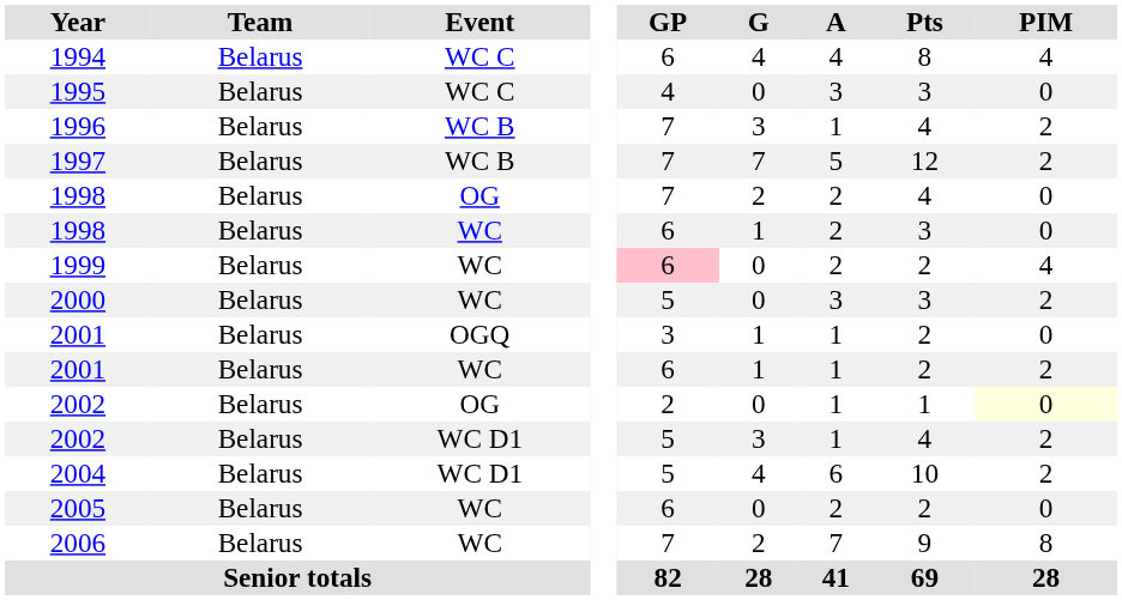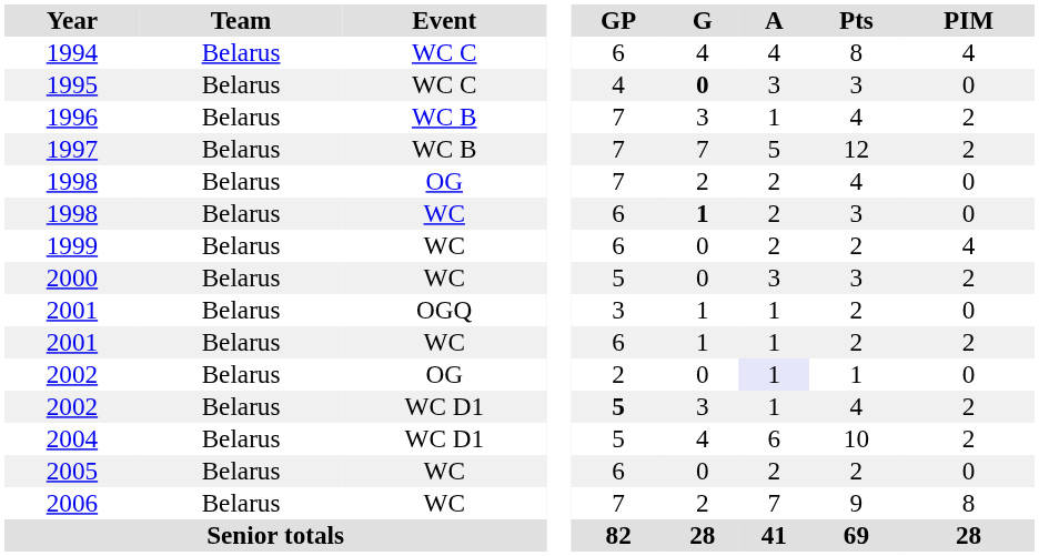 <table border="0" cellpadding="1" cellspacing="0" style="text-align:center; width:40em">
 <tr ALIGN="center" bgcolor="#e0e0e0">
 <th>Year</th>
 <th>Team</th>
 <th>Event</th>
 <th ALIGN="center" rowspan="99" bgcolor="#ffffff"> </th>
 <th>GP</th>
 <th>G</th>
 <th>A</th>
 <th>Pts</th>
 <th>PIM</th>
 </tr>
 <tr>
 <td><a href='#'>1994</a></td>
 <td><a href='#'>Belarus</a></td>
 <td><a href='#'>WC C</a></td>
 <td>6</td>
 <td>4</td>
 <td>4</td>
 <td>8</td>
 <td>4</td>
 </tr>
 <tr bgcolor="#f0f0f0">
 <td><a href='#'>1995</a></td>
 <td>Belarus</td>
 <td>WC C</td>
 <td>4</td>
-<td>0</td>
+<td><strong>0</strong></td>
 <td>3</td>
 <td>3</td>
 <td>0</td>
 </tr>
 <tr>
 <td><a href='#'>1996</a></td>
 <td>Belarus</td>
 <td><a href='#'>WC B</a></td>
 <td>7</td>
 <td>3</td>
 <td>1</td>
 <td>4</td>
 <td>2</td>
 </tr>
 <tr bgcolor="#f0f0f0">
 <td><a href='#'>1997</a></td>
 <td>Belarus</td>
 <td>WC B</td>
 <td>7</td>
 <td>7</td>
 <td>5</td>
 <td>12</td>
 <td>2</td>
 </tr>
 <tr>
 <td><a href='#'>1998</a></td>
 <td>Belarus</td>
 <td><a href='#'>OG</a></td>
 <td>7</td>
 <td>2</td>
 <td>2</td>
 <td>4</td>
 <td>0</td>
 </tr>
 <tr bgcolor="#f0f0f0">
 <td><a href='#'>1998</a></td>
 <td>Belarus</td>
 <td><a href='#'>WC</a></td>
 <td>6</td>
-<td>1</td>
+<td><strong>1</strong></td>
 <td>2</td>
 <td>3</td>
 <td>0</td>
 </tr>
 <tr>
 <td><a href='#'>1999</a></td>
 <td>Belarus</td>
 <td>WC</td>
-<td style="background: pink;">6</td>
+<td>6</td>
 <td>0</td>
 <td>2</td>
 <td>2</td>
 <td>4</td>
 </tr>
 <tr bgcolor="#f0f0f0">
 <td><a href='#'>2000</a></td>
 <td>Belarus</td>
 <td>WC</td>
 <td>5</td>
 <td>0</td>
 <td>3</td>
 <td>3</td>
 <td>2</td>
 </tr>
 <tr>
 <td><a href='#'>2001</a></td>
 <td>Belarus</td>
 <td>OGQ</td>
 <td>3</td>
 <td>1</td>
 <td>1</td>
 <td>2</td>
 <td>0</td>
 </tr>
 <tr bgcolor="#f0f0f0">
 <td><a href='#'>2001</a></td>
 <td>Belarus</td>
 <td>WC</td>
 <td>6</td>
 <td>1</td>
 <td>1</td>
 <td>2</td>
 <td>2</td>
 </tr>
 <tr>
 <td><a href='#'>2002</a></td>
 <td>Belarus</td>
 <td>OG</td>
 <td>2</td>
 <td>0</td>
+<td style="background: lavender;">1</td>
 <td>1</td>
-<td>1</td>
-<td style="background: lightyellow;">0</td>
+<td>0</td>
 </tr>
 <tr bgcolor="#f0f0f0">
 <td><a href='#'>2002</a></td>
 <td>Belarus</td>
 <td>WC D1</td>
-<td>5</td>
+<td><strong>5</strong></td>
 <td>3</td>
 <td>1</td>
 <td>4</td>
 <td>2</td>
 </tr>
 <tr>
 <td><a href='#'>2004</a></td>
 <td>Belarus</td>
 <td>WC D1</td>
 <td>5</td>
 <td>4</td>
 <td>6</td>
 <td>10</td>
 <td>2</td>
 </tr>
 <tr bgcolor="#f0f0f0">
 <td><a href='#'>2005</a></td>
 <td>Belarus</td>
 <td>WC</td>
 <td>6</td>
 <td>0</td>
 <td>2</td>
 <td>2</td>
 <td>0</td>
 </tr>
 <tr>
 <td><a href='#'>2006</a></td>
 <td>Belarus</td>
 <td>WC</td>
 <td>7</td>
 <td>2</td>
 <td>7</td>
 <td>9</td>
 <td>8</td>
 </tr>
 <tr bgcolor="#e0e0e0">
 <th colspan=3>Senior totals</th>
 <th>82</th>
 <th>28</th>
 <th>41</th>
 <th>69</th>
 <th>28</th>
 </tr>
 </table>
